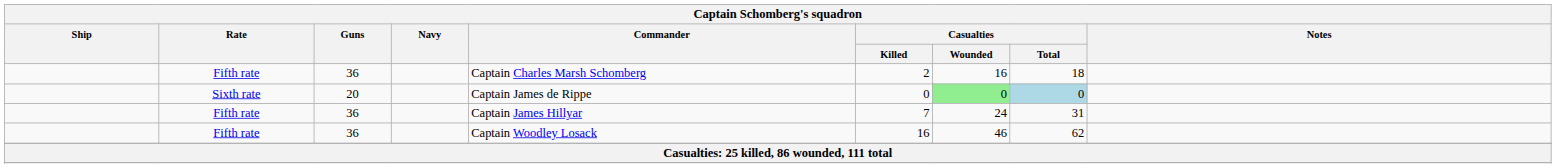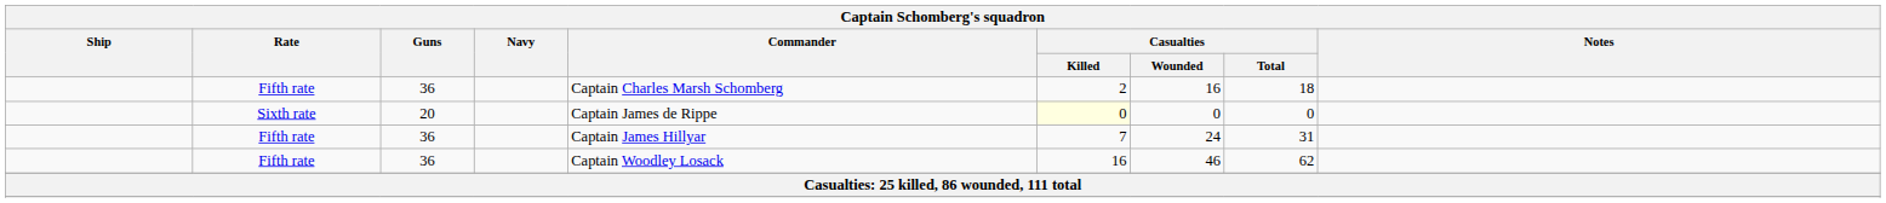 <table class="wikitable" width=100%>
 <tr valign="top">
 <th colspan="11" bgcolor="white">Captain Schomberg's squadron</th>
 </tr>
 <tr valign="top"|- valign="top">
 <th width=10%; align=center rowspan=2><small> Ship </small></th>
 <th width=10%; align=center rowspan=2><small> Rate </small></th>
 <th width=5%; align=center rowspan=2><small> Guns </small></th>
 <th width=5%; align=center rowspan=2><small> Navy </small></th>
 <th width=25%; align=center rowspan=2><small> Commander </small></th>
 <th width=15%; align=center colspan=3><small>Casualties</small></th>
 <th width=30%; align=center rowspan=2><small>Notes</small></th>
 </tr>
 <tr valign="top">
 <th width=5%; align=center><small> Killed </small></th>
 <th width=5%; align=center><small> Wounded </small></th>
 <th width=5%; align=center><small> Total</small></th>
 </tr>
 <tr valign="top">
 <td align=left></td>
 <td align=center><a href='#'>Fifth rate</a></td>
 <td align=center>36</td>
 <td align=center></td>
 <td align=left>Captain <a href='#'>Charles Marsh Schomberg</a></td>
 <td align=right>2</td>
 <td align=right>16</td>
 <td align=right>18</td>
 <td align=left></td>
 </tr>
 <tr valign="top">
 <td align=left></td>
 <td align=center><a href='#'>Sixth rate</a></td>
 <td align=center>20</td>
 <td align=center></td>
 <td align=left>Captain James de Rippe</td>
+<td align=right style="background: lightyellow;">0</td>
 <td align=right>0</td>
-<td align=right style="background: lightgreen;">0</td>
-<td align=right style="background: lightblue;">0</td>
+<td align=right>0</td>
 <td align=left></td>
 </tr>
 <tr valign="top">
 <td align=left></td>
 <td align=center><a href='#'>Fifth rate</a></td>
 <td align=center>36</td>
 <td align=center></td>
 <td align=left>Captain <a href='#'>James Hillyar</a></td>
 <td align=right>7</td>
 <td align=right>24</td>
 <td align=right>31</td>
 <td align=left></td>
 </tr>
 <tr valign="top">
 <td align=left></td>
 <td align=center><a href='#'>Fifth rate</a></td>
 <td align=center>36</td>
 <td align=center></td>
 <td align=left>Captain <a href='#'>Woodley Losack</a></td>
 <td align=right>16</td>
 <td align=right>46</td>
 <td align=right>62</td>
 <td align=left></td>
 </tr>
 <tr>
 </tr>
 <tr valign="top">
 <th colspan="11" bgcolor="white">Casualties: 25 killed, 86 wounded, 111 total</th>
 </tr>
 <tr valign="top">
 </tr>
 <tr>
 </tr>
 </table>
